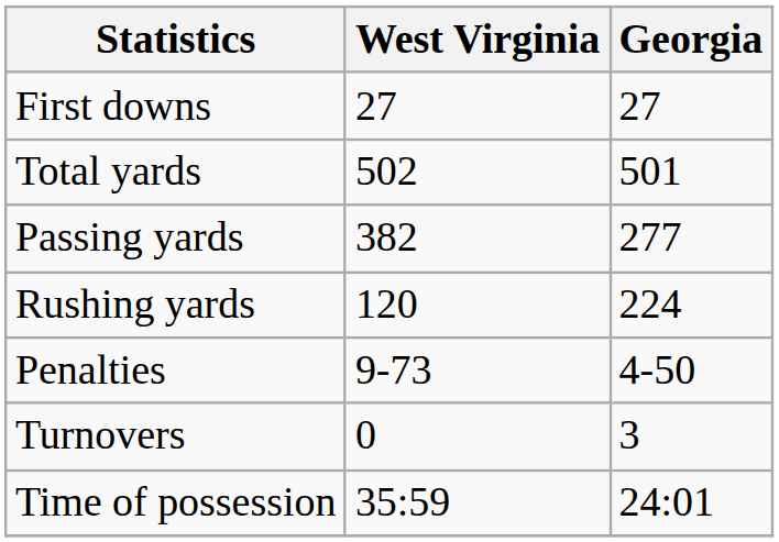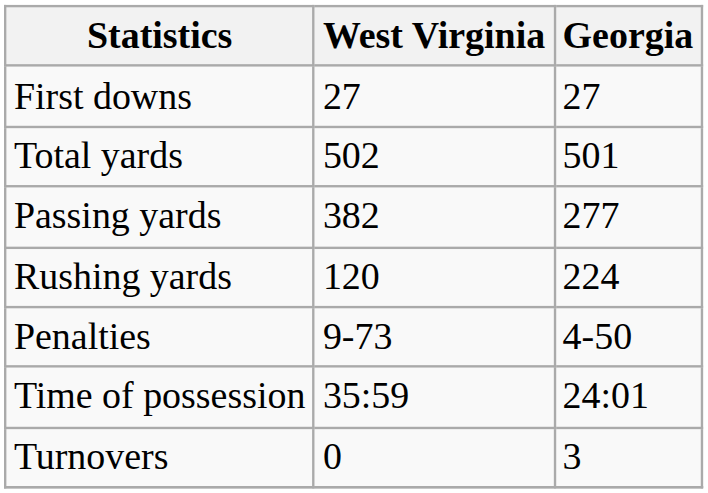 <table class="wikitable" style="float: left;">
 <tr>
 <th>Statistics</th>
 <th>West Virginia</th>
 <th>Georgia</th>
 </tr>
 <tr>
 <td>First downs</td>
 <td>27</td>
 <td>27</td>
 </tr>
 <tr>
 <td>Total yards</td>
 <td>502</td>
 <td>501</td>
 </tr>
 <tr>
 <td>Passing yards</td>
 <td>382</td>
 <td>277</td>
 </tr>
 <tr>
 <td>Rushing yards</td>
 <td>120</td>
 <td>224</td>
 </tr>
 <tr>
 <td>Penalties</td>
 <td>9-73</td>
 <td>4-50</td>
 </tr>
 <tr>
+<td>Time of possession</td>
+<td>35:59</td>
+<td>24:01</td>
+</tr>
+<tr>
 <td>Turnovers</td>
 <td>0</td>
 <td>3</td>
 </tr>
 <tr>
-<td>Time of possession</td>
-<td>35:59</td>
-<td>24:01</td>
-</tr>
-<tr>
 </tr>
 </table>
